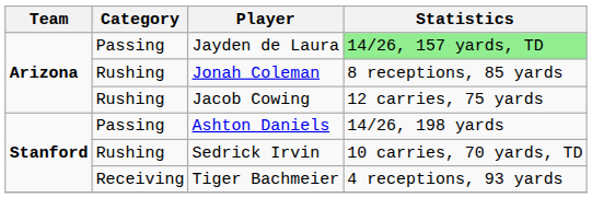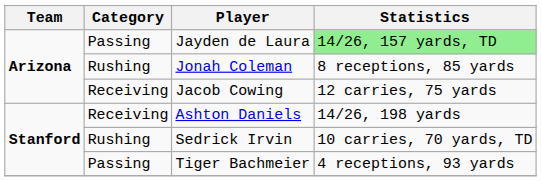 <table class="wikitable" style="float: right;">
 <tr>
 <th>Team</th>
 <th>Category</th>
 <th>Player</th>
 <th>Statistics</th>
 </tr>
 <tr>
 <td rowspan=3><strong>Arizona</strong></td>
 <td>Passing</td>
 <td>Jayden de Laura</td>
 <td style="background: lightgreen;">14/26, 157 yards, TD</td>
 </tr>
 <tr>
 <td>Rushing</td>
 <td><a href='#'>Jonah Coleman</a></td>
 <td>8 receptions, 85 yards</td>
 </tr>
 <tr>
-<td>Rushing</td>
+<td>Receiving</td>
 <td>Jacob Cowing</td>
 <td>12 carries, 75 yards</td>
 </tr>
 <tr>
 <td rowspan=3><strong>Stanford</strong></td>
-<td>Passing</td>
+<td>Receiving</td>
 <td><a href='#'>Ashton Daniels</a></td>
 <td>14/26, 198 yards</td>
 </tr>
 <tr>
 <td>Rushing</td>
 <td>Sedrick Irvin</td>
 <td>10 carries, 70 yards, TD</td>
 </tr>
 <tr>
-<td>Receiving</td>
+<td>Passing</td>
 <td>Tiger Bachmeier</td>
 <td>4 receptions, 93 yards</td>
 </tr>
 <tr>
 </tr>
 </table>
